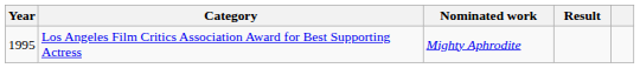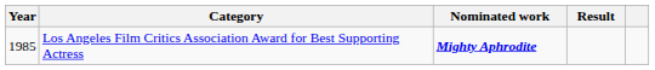 <table class="wikitable">
 <tr>
 <th>Year</th>
 <th width="450">Category</th>
 <th width="148">Nominated work</th>
 <th width="60">Result</th>
 <th width="20" class="unsortable"></th>
 </tr>
 <tr>
-<td>1995</td>
+<td>1985</td>
 <td><a href='#'>Los Angeles Film Critics Association Award for Best Supporting Actress</a></td>
-<td><em><a href='#'>Mighty Aphrodite</a></em></td>
+<td><strong><em><a href='#'>Mighty Aphrodite</a></em></strong></td>
 <td></td>
 <td></td>
 </tr>
 </table>
